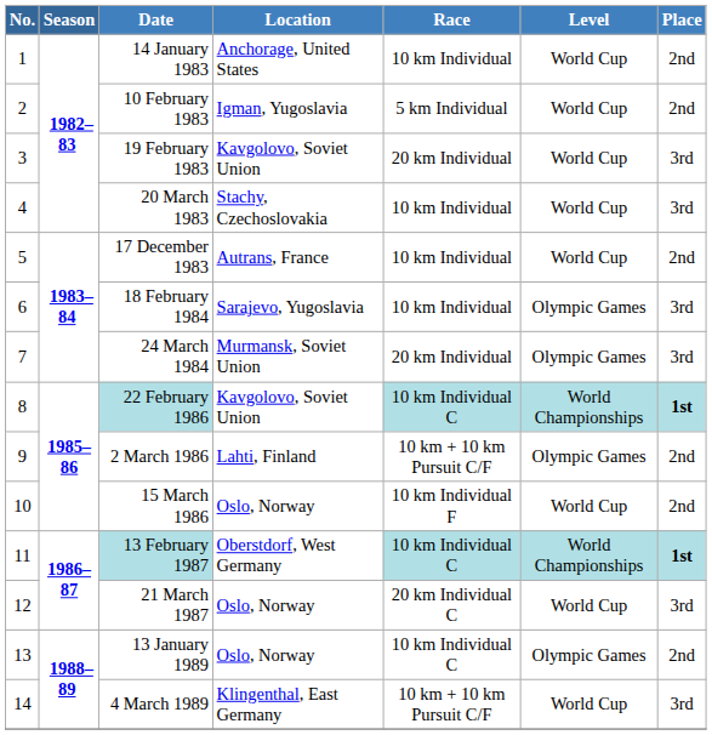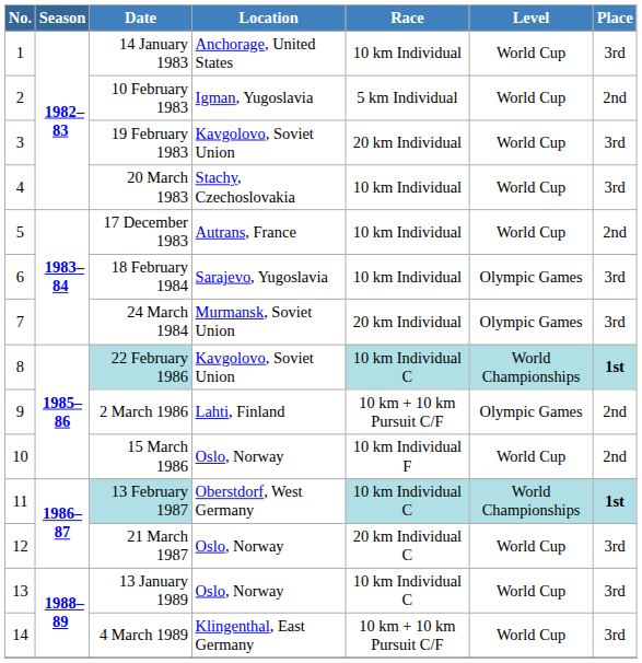 <table class="wikitable sortable" style="font-size:95%; text-align:center; border:grey solid 1px; border-collapse:collapse; background:#ffffff;">
 <tr style="background:#efefef;">
 <th style="background-color:#369; color:white;">No.</th>
 <th style="background-color:#369; color:white;">Season</th>
 <th style="background-color:#4180be; color:white; width:120px;">Date</th>
 <th style="background-color:#4180be; color:white; width:185px;">Location</th>
 <th style="background-color:#4180be; color:white; width:160px;">Race</th>
 <th style="background-color:#4180be; color:white; width:130px;">Level</th>
 <th style="background-color:#4180be; color:white;">Place</th>
 </tr>
 <tr>
 <td align=center>1</td>
 <td rowspan=4 align=center><strong> <a href='#'>1982–83</a> </strong></td>
 <td align=right>14 January 1983</td>
 <td align=left> <a href='#'>Anchorage</a>, United States</td>
 <td>10 km Individual</td>
 <td>World Cup</td>
-<td>2nd</td>
+<td>3rd</td>
 </tr>
 <tr>
 <td align=center>2</td>
 <td align=right>10 February 1983</td>
 <td align=left> <a href='#'>Igman</a>, Yugoslavia</td>
 <td>5 km Individual</td>
 <td>World Cup</td>
 <td>2nd</td>
 </tr>
 <tr>
 <td align=center>3</td>
 <td align=right>19 February 1983</td>
 <td align=left> <a href='#'>Kavgolovo</a>, Soviet Union</td>
 <td>20 km Individual</td>
 <td>World Cup</td>
 <td>3rd</td>
 </tr>
 <tr>
 <td align=center>4</td>
 <td align=right>20 March 1983</td>
 <td align=left> <a href='#'>Stachy</a>, Czechoslovakia</td>
 <td>10 km Individual</td>
 <td>World Cup</td>
 <td>3rd</td>
 </tr>
 <tr>
 <td align=center>5</td>
 <td rowspan=3 align=center><strong> <a href='#'>1983–84</a> </strong></td>
 <td align=right>17 December 1983</td>
 <td align=left> <a href='#'>Autrans</a>, France</td>
 <td>10 km Individual</td>
 <td>World Cup</td>
 <td>2nd</td>
 </tr>
 <tr>
 <td align=center>6</td>
 <td align=right>18 February 1984</td>
 <td align=left> <a href='#'>Sarajevo</a>, Yugoslavia</td>
 <td>10 km Individual</td>
 <td>Olympic Games </td>
 <td>3rd</td>
 </tr>
 <tr>
 <td align=center>7</td>
 <td align=right>24 March 1984</td>
 <td align=left> <a href='#'>Murmansk</a>, Soviet Union</td>
 <td>20 km Individual</td>
 <td>Olympic Games </td>
 <td>3rd</td>
 </tr>
 <tr>
 <td align=center>8</td>
 <td rowspan=3 align=center><strong><a href='#'>1985–86</a></strong></td>
 <td bgcolor="#BOEOE6" align=right>22 February 1986</td>
 <td align=left> <a href='#'>Kavgolovo</a>, Soviet Union</td>
 <td bgcolor="#BOEOE6">10 km Individual C</td>
 <td bgcolor="#BOEOE6">World Championships</td>
 <td bgcolor="#BOEOE6"><strong>1st</strong></td>
 </tr>
 <tr>
 <td align=center>9</td>
 <td align=right>2 March 1986</td>
 <td align=left> <a href='#'>Lahti</a>, Finland</td>
 <td>10 km + 10 km Pursuit C/F</td>
 <td>Olympic Games </td>
 <td>2nd</td>
 </tr>
 <tr>
 <td align=center>10</td>
 <td align=right>15 March 1986</td>
 <td align=left> <a href='#'>Oslo</a>, Norway</td>
 <td>10 km Individual F</td>
 <td>World Cup</td>
 <td>2nd</td>
 </tr>
 <tr>
 <td align=center>11</td>
 <td rowspan=2 align=center><strong><a href='#'>1986–87</a></strong></td>
 <td bgcolor="#BOEOE6" align=right>13 February 1987</td>
 <td align=left> <a href='#'>Oberstdorf</a>, West Germany</td>
 <td bgcolor="#BOEOE6">10 km Individual C</td>
 <td bgcolor="#BOEOE6">World Championships</td>
 <td bgcolor="#BOEOE6"><strong>1st</strong></td>
 </tr>
 <tr>
 <td align=center>12</td>
 <td align=right>21 March 1987</td>
 <td align=left> <a href='#'>Oslo</a>, Norway</td>
 <td>20 km Individual C</td>
 <td>World Cup</td>
 <td>3rd</td>
 </tr>
 <tr>
 <td align=center>13</td>
 <td rowspan=2 align=center><strong> <a href='#'>1988–89</a> </strong></td>
 <td align=right>13 January 1989</td>
 <td align=left> <a href='#'>Oslo</a>, Norway</td>
 <td>10 km Individual C</td>
-<td>Olympic Games </td>
-<td>2nd</td>
+<td>World Cup</td>
+<td>3rd</td>
 </tr>
 <tr>
 <td align=center>14</td>
 <td align=right>4 March 1989</td>
 <td align=left> <a href='#'>Klingenthal</a>, East Germany</td>
 <td>10 km + 10 km Pursuit C/F</td>
 <td>World Cup</td>
 <td>3rd</td>
 </tr>
 <tr>
 </tr>
 </table>
